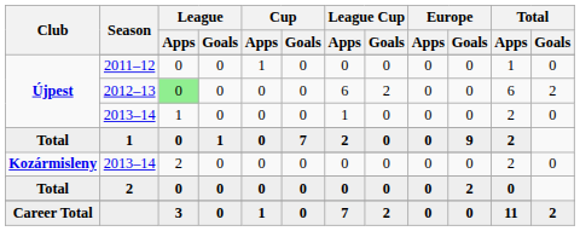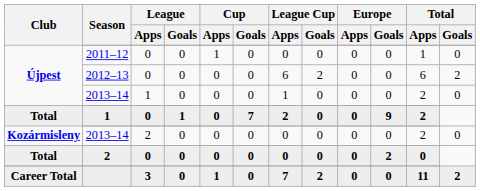 <table class="wikitable" style="font-size:90%; text-align: center;">
 <tr>
 <th rowspan="2">Club</th>
 <th rowspan="2">Season</th>
 <th colspan="2">League</th>
 <th colspan="2">Cup</th>
 <th colspan="2">League Cup</th>
 <th colspan="2">Europe</th>
 <th colspan="2">Total</th>
 </tr>
 <tr>
 <th>Apps</th>
 <th>Goals</th>
 <th>Apps</th>
 <th>Goals</th>
 <th>Apps</th>
 <th>Goals</th>
 <th>Apps</th>
 <th>Goals</th>
 <th>Apps</th>
 <th>Goals</th>
 </tr>
 <tr ||-||-||-|->
 <td rowspan="5" valign="center"><strong><a href='#'>Újpest</a></strong></td>
 </tr>
 <tr>
 <td><a href='#'>2011–12</a></td>
 <td>0</td>
 <td>0</td>
 <td>1</td>
 <td>0</td>
 <td>0</td>
 <td>0</td>
 <td>0</td>
 <td>0</td>
 <td>1</td>
 <td>0</td>
 </tr>
 <tr>
 <td><a href='#'>2012–13</a></td>
-<td style="background: lightgreen;">0</td>
+<td>0</td>
 <td>0</td>
 <td>0</td>
 <td>0</td>
 <td>6</td>
 <td>2</td>
 <td>0</td>
 <td>0</td>
 <td>6</td>
 <td>2</td>
 </tr>
 <tr>
 <td><a href='#'>2013–14</a></td>
 <td>1</td>
 <td>0</td>
 <td>0</td>
 <td>0</td>
 <td>1</td>
 <td>0</td>
 <td>0</td>
 <td>0</td>
 <td>2</td>
 <td>0</td>
 </tr>
 <tr>
 </tr>
 <tr style="font-weight:bold; background-color:#eeeeee;">
 <td>Total</td>
 <td>1</td>
 <td>0</td>
 <td>1</td>
 <td>0</td>
 <td>7</td>
 <td>2</td>
 <td>0</td>
 <td>0</td>
 <td>9</td>
 <td>2</td>
 </tr>
 <tr>
 <td rowspan="3" valign="center"><strong><a href='#'>Kozármisleny</a></strong></td>
 </tr>
 <tr>
 <td><a href='#'>2013–14</a></td>
 <td>2</td>
 <td>0</td>
 <td>0</td>
 <td>0</td>
 <td>0</td>
 <td>0</td>
 <td>0</td>
 <td>0</td>
 <td>2</td>
 <td>0</td>
 </tr>
 <tr>
 </tr>
 <tr style="font-weight:bold; background-color:#eeeeee;">
 <td>Total</td>
 <td>2</td>
 <td>0</td>
 <td>0</td>
 <td>0</td>
 <td>0</td>
 <td>0</td>
 <td>0</td>
 <td>0</td>
 <td>2</td>
 <td>0</td>
 </tr>
 <tr>
 </tr>
 <tr style="font-weight:bold; background-color:#eeeeee;">
 <td rowspan="2" valign="top"><strong>Career Total</strong></td>
 <td></td>
 <td><strong>3</strong></td>
 <td><strong>0</strong></td>
 <td><strong>1</strong></td>
 <td><strong>0</strong></td>
 <td><strong>7</strong></td>
 <td><strong>2</strong></td>
 <td><strong>0</strong></td>
 <td><strong>0</strong></td>
 <td><strong>11</strong></td>
 <td><strong>2</strong></td>
 </tr>
 </table>
